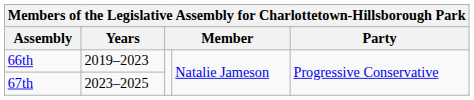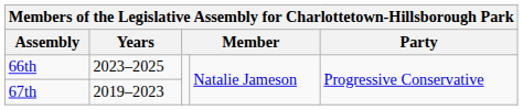 <table class="wikitable" align=centre>
 <tr>
 <th colspan=5>Members of the Legislative Assembly for Charlottetown-Hillsborough Park</th>
 </tr>
 <tr>
 <th>Assembly</th>
 <th>Years</th>
 <th colspan="2">Member</th>
 <th>Party</th>
 </tr>
 <tr>
 <td><a href='#'>66th</a></td>
-<td>2019–2023</td>
+<td>2023–2025</td>
 <td rowspan=2 ></td>
 <td rowspan=2><a href='#'>Natalie Jameson</a></td>
 <td rowspan=2><a href='#'>Progressive Conservative</a></td>
 </tr>
 <tr>
 <td><a href='#'>67th</a></td>
-<td>2023–2025</td>
+<td>2019–2023</td>
 </tr>
 </table>
